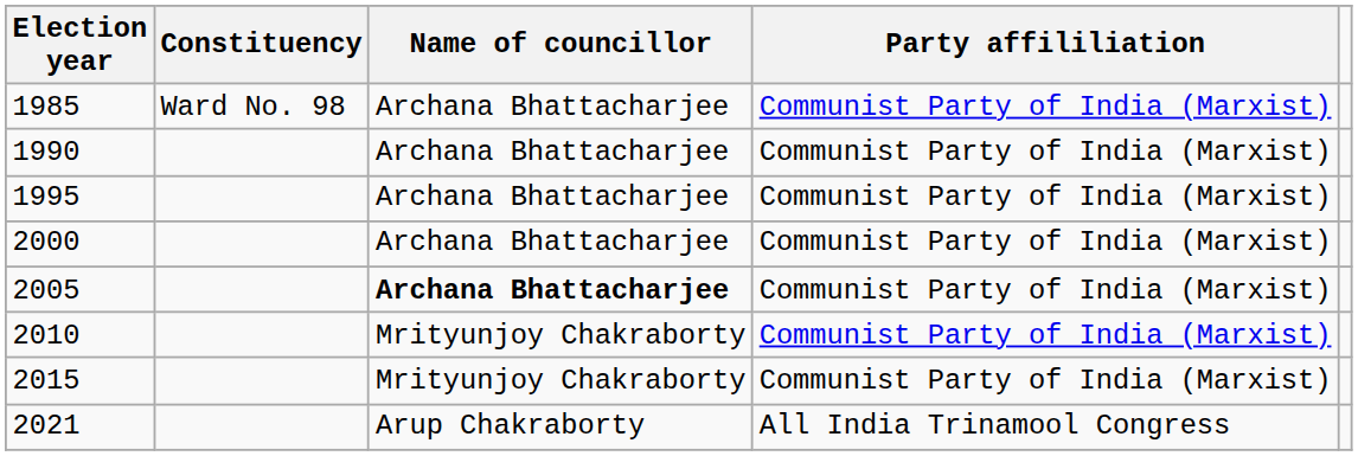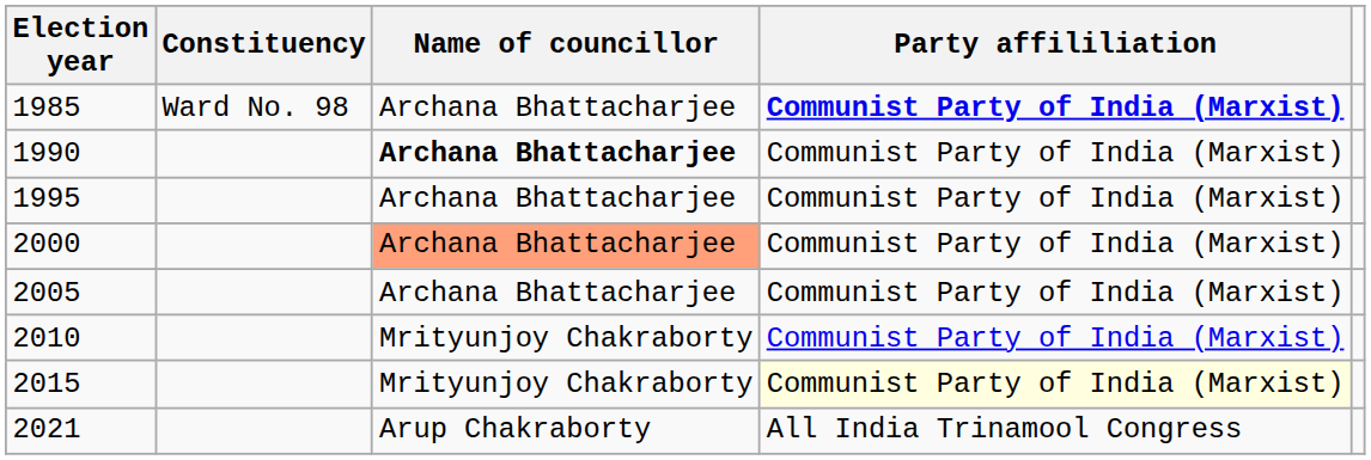 <table class="wikitable"ìÍĦĤĠčw>
 <tr>
 <th>Election<br> year</th>
 <th>Constituency</th>
 <th>Name of councillor</th>
 <th>Party affililiation</th>
 </tr>
 <tr>
 <td>1985</td>
 <td>Ward No. 98</td>
 <td>Archana Bhattacharjee</td>
-<td><a href='#'>Communist Party of India (Marxist)</a></td>
+<td><strong><a href='#'>Communist Party of India (Marxist)</a></strong></td>
 <td></td>
 </tr>
 <tr>
 <td>1990</td>
 <td></td>
-<td>Archana Bhattacharjee</td>
+<td><strong>Archana Bhattacharjee</strong></td>
 <td>Communist Party of India (Marxist)</td>
 <td></td>
 </tr>
 <tr>
 <td>1995</td>
 <td></td>
 <td>Archana Bhattacharjee</td>
 <td>Communist Party of India (Marxist)</td>
 <td></td>
 </tr>
 <tr>
 <td>2000</td>
 <td></td>
-<td>Archana Bhattacharjee</td>
+<td style="background: lightsalmon;">Archana Bhattacharjee</td>
 <td>Communist Party of India (Marxist)</td>
 <td></td>
 </tr>
 <tr>
 <td>2005</td>
 <td></td>
-<td><strong>Archana Bhattacharjee</strong></td>
+<td>Archana Bhattacharjee</td>
 <td>Communist Party of India (Marxist)</td>
 <td></td>
 </tr>
 <tr>
 <td>2010</td>
 <td></td>
 <td>Mrityunjoy Chakraborty</td>
 <td><a href='#'>Communist Party of India (Marxist)</a></td>
 <td></td>
 </tr>
 <tr>
 <td>2015</td>
 <td></td>
 <td>Mrityunjoy Chakraborty</td>
-<td>Communist Party of India (Marxist)</td>
+<td style="background: lightyellow;">Communist Party of India (Marxist)</td>
 <td></td>
 </tr>
 <tr>
 <td>2021</td>
 <td></td>
 <td>Arup Chakraborty</td>
 <td>All India Trinamool Congress</td>
 <td></td>
 </tr>
 </table>
